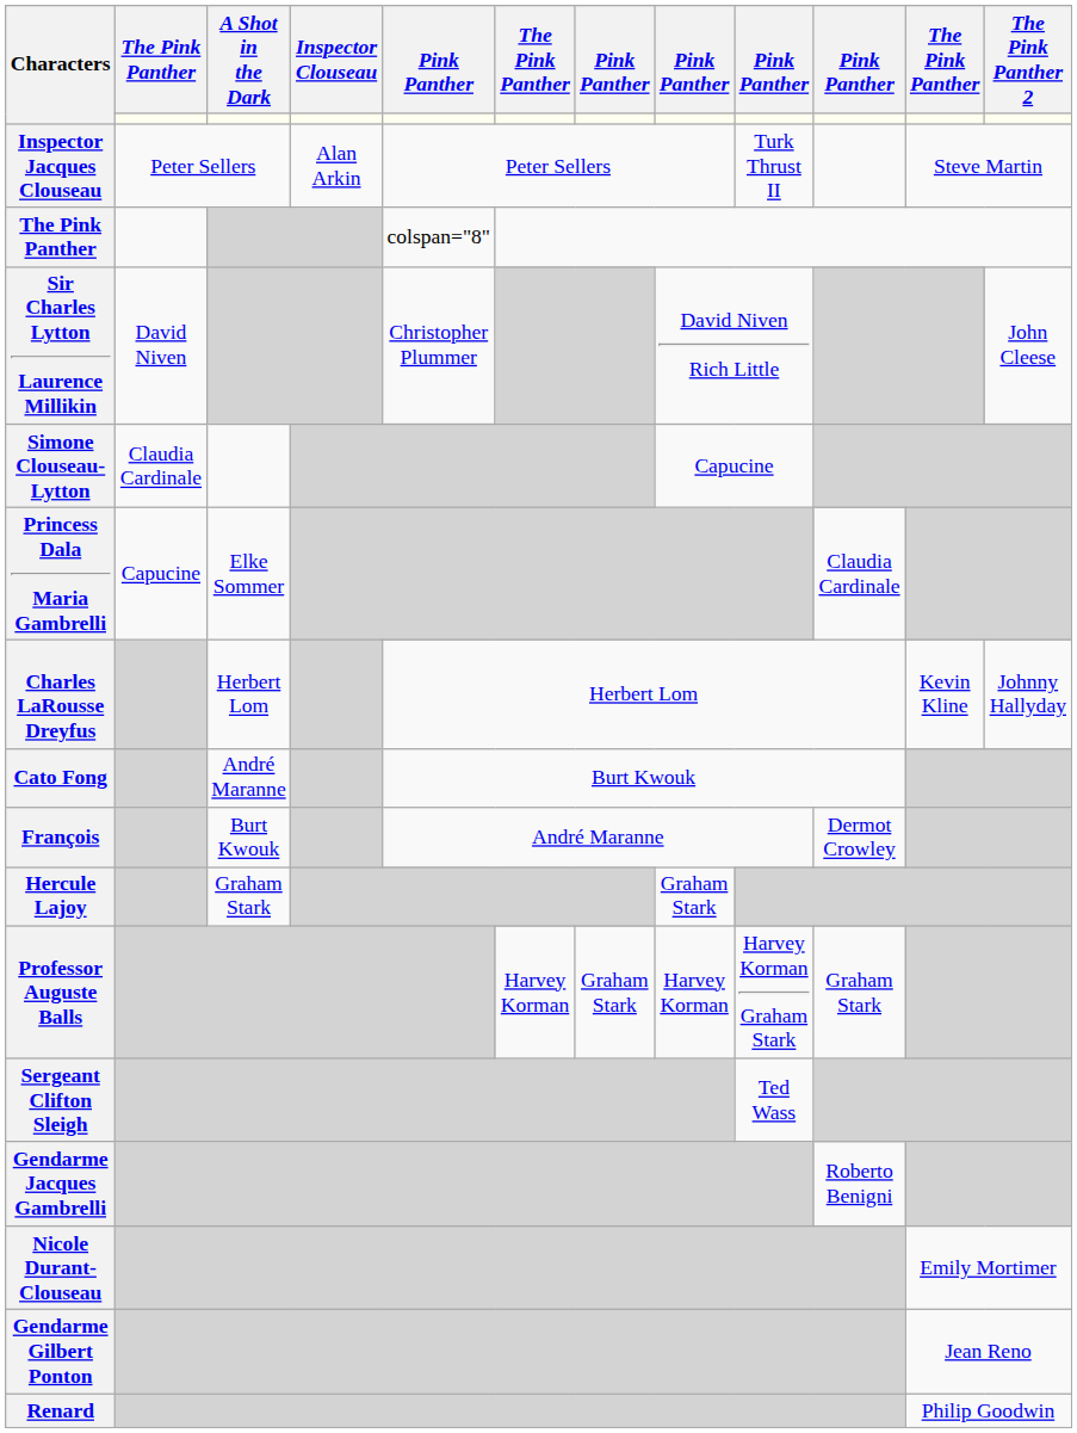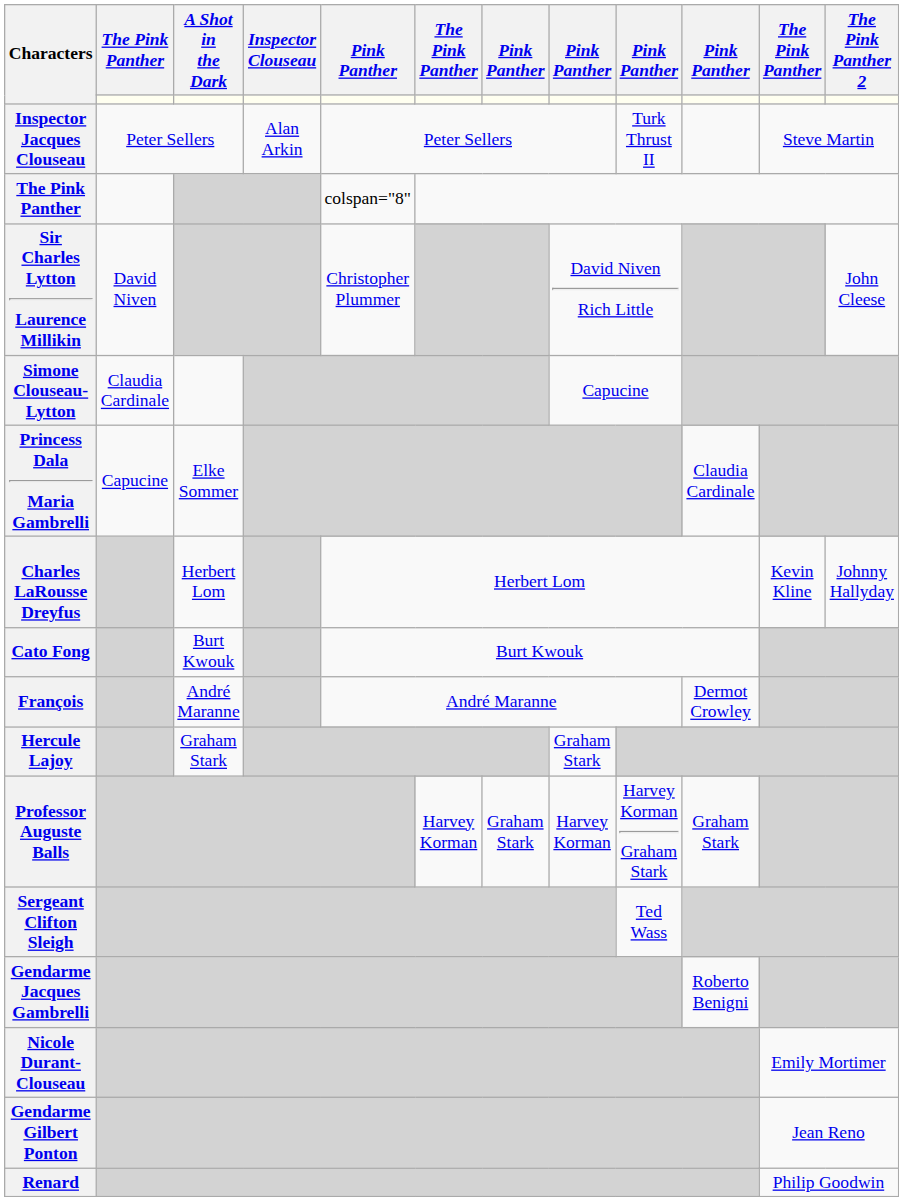 <table class="wikitable" style="text-align:center; width:99%; font-size:85%">
 <tr>
 <th rowspan="2" style="width:9.09%;">Characters</th>
 <th style="text-align:center; width:8.09%;"><em><a href='#'>The Pink Panther</a></em></th>
 <th style="text-align:center; width:9.09%;"><em><a href='#'>A Shot in<br>the Dark</a></em></th>
 <th style="text-align:center; width:0.009%;"><em><a href='#'>Inspector Clouseau</a></em></th>
 <th style="text-align:center; width:9.09%;"><em><a href='#'><br>Pink Panther</a></em></th>
 <th style="text-align:center; width:8.49%;"><em><a href='#'>The Pink Panther<br></a></em></th>
 <th style="text-align:center; width:9.09%;"><em><a href='#'><br>Pink Panther</a></em></th>
 <th style="text-align:center; width:9.09%;"><em><a href='#'><br>Pink Panther</a></em></th>
 <th style="text-align:center; width:9.09%;"><em><a href='#'><br>Pink Panther</a></em></th>
 <th style="text-align:center; width:9.09%;"><em><a href='#'><br>Pink Panther</a></em></th>
 <th style="text-align:center; width:8.09%;"><em><a href='#'>The Pink Panther</a></em></th>
 <th style="text-align:center; width:8.09%;"><em><a href='#'>The Pink Panther 2</a></em></th>
 </tr>
 <tr>
 <th style="background-color:ivory;"><span></span></th>
 <th style="background-color:ivory;"><span></span></th>
 <th style="background-color:ivory;"><span></span></th>
 <th style="background-color:ivory;"><span></span></th>
 <th style="background-color:ivory;"><span></span></th>
 <th style="background-color:ivory;"><span></span></th>
 <th style="background-color:ivory;"><span></span></th>
 <th style="background-color:ivory;"><span></span></th>
 <th style="background-color:ivory;"><span></span></th>
 <th style="background-color:ivory;"><span></span></th>
 <th style="background-color:ivory;"><span></span></th>
 </tr>
 <tr>
 <th><a href='#'>Inspector Jacques Clouseau<br></a></th>
 <td colspan="2"><a href='#'>Peter Sellers</a></td>
 <td><a href='#'>Alan Arkin</a></td>
 <td colspan="4"><a href='#'>Peter Sellers</a></td>
 <td><a href='#'>Turk Thrust II</a></td>
 <td></td>
 <td colspan="2"><a href='#'>Steve Martin</a></td>
 </tr>
 <tr>
 <th><a href='#'>The Pink Panther</a></th>
 <td></td>
 <td colspan="2" style="background:lightgrey;"></td>
 <td>colspan="8" </td>
 </tr>
 <tr>
 <th><a href='#'>Sir Charles Lytton<br></a><hr><a href='#'>Laurence Millikin<br></a></th>
 <td><a href='#'>David Niven</a></td>
 <td colspan="2" style="background:lightgrey;"></td>
 <td><a href='#'>Christopher Plummer</a></td>
 <td colspan="2" style="background:lightgrey;"></td>
 <td colspan="2"><a href='#'>David Niven</a><hr><a href='#'>Rich Little</a></td>
 <td colspan="2" style="background:lightgrey;"></td>
 <td><a href='#'>John Cleese</a></td>
 </tr>
 <tr>
 <th><a href='#'>Simone Clouseau-Lytton</a></th>
 <td><a href='#'>Claudia Cardinale</a></td>
 <td></td>
 <td colspan="4" style="background:lightgrey;"></td>
 <td colspan="2"><a href='#'>Capucine</a></td>
 <td colspan="3" style="background:lightgrey;"></td>
 </tr>
 <tr>
 <th><a href='#'>Princess Dala</a><hr><a href='#'>Maria Gambrelli</a></th>
 <td><a href='#'>Capucine</a></td>
 <td><a href='#'>Elke Sommer</a></td>
 <td colspan="6" style="background:lightgrey;"></td>
 <td><a href='#'>Claudia Cardinale</a></td>
 <td colspan="2" style="background:lightgrey;"></td>
 </tr>
 <tr>
 <th><a href='#'><br>Charles LaRousse Dreyfus</a></th>
 <td style="background:lightgrey;"></td>
 <td><a href='#'>Herbert Lom</a></td>
 <td style="background:lightgrey;"></td>
 <td colspan="6"><a href='#'>Herbert Lom</a></td>
 <td><a href='#'>Kevin Kline</a></td>
 <td><a href='#'>Johnny Hallyday</a></td>
 </tr>
 <tr>
 <th><a href='#'>Cato Fong</a></th>
 <td style="background:lightgrey;"></td>
-<td><a href='#'>André Maranne</a></td>
+<td><a href='#'>Burt Kwouk</a></td>
 <td style="background:lightgrey;"></td>
 <td colspan="6"><a href='#'>Burt Kwouk</a></td>
 <td colspan="2" style="background:lightgrey;"></td>
 </tr>
 <tr>
 <th><a href='#'>François</a></th>
 <td style="background:lightgrey;"></td>
-<td><a href='#'>Burt Kwouk</a></td>
+<td><a href='#'>André Maranne</a></td>
 <td style="background:lightgrey;"></td>
 <td colspan="5"><a href='#'>André Maranne</a></td>
 <td><a href='#'>Dermot Crowley</a></td>
 <td colspan="2" style="background:lightgrey;"></td>
 </tr>
 <tr>
 <th><a href='#'>Hercule Lajoy</a></th>
 <td style="background:lightgrey;"></td>
 <td><a href='#'>Graham Stark</a></td>
 <td colspan="4" style="background:lightgrey;"></td>
 <td><a href='#'>Graham Stark</a></td>
 <td colspan="4" style="background:lightgrey;"></td>
 </tr>
 <tr>
 <th><a href='#'>Professor Auguste Balls</a></th>
 <td colspan="4" style="background:lightgrey;"></td>
 <td><a href='#'>Harvey Korman</a></td>
 <td><a href='#'>Graham Stark</a></td>
 <td><a href='#'>Harvey Korman</a></td>
 <td><a href='#'>Harvey Korman</a><hr><a href='#'>Graham Stark</a></td>
 <td><a href='#'>Graham Stark</a></td>
 <td colspan="2" style="background:lightgrey;"></td>
 </tr>
 <tr>
 <th><a href='#'>Sergeant Clifton Sleigh</a></th>
 <td colspan="7" style="background:lightgrey;"></td>
 <td><a href='#'>Ted Wass</a></td>
 <td colspan="3" style="background:lightgrey;"></td>
 </tr>
 <tr>
 <th><a href='#'>Gendarme Jacques Gambrelli</a></th>
 <td colspan="8" style="background:lightgrey;"></td>
 <td><a href='#'>Roberto Benigni</a></td>
 <td colspan="2" style="background:lightgrey;"></td>
 </tr>
 <tr>
 <th><a href='#'>Nicole Durant-Clouseau</a></th>
 <td colspan="9" style="background:lightgrey;"></td>
 <td colspan="2"><a href='#'>Emily Mortimer</a></td>
 </tr>
 <tr>
 <th><a href='#'>Gendarme Gilbert Ponton</a></th>
 <td colspan="9" style="background:lightgrey;"></td>
 <td colspan="2"><a href='#'>Jean Reno</a></td>
 </tr>
 <tr>
 <th><a href='#'>Renard</a></th>
 <td colspan="9" style="background:lightgrey;"></td>
 <td colspan="2"><a href='#'>Philip Goodwin</a></td>
 </tr>
 <tr>
 </tr>
 </table>
